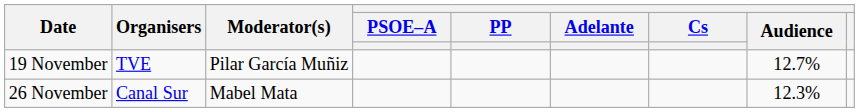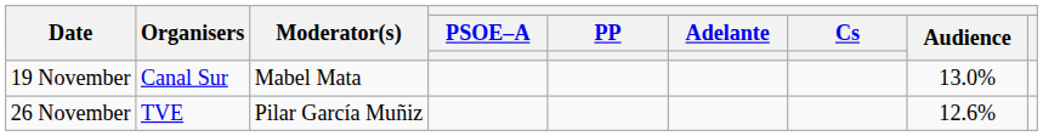 <table class="wikitable" style="text-align:center;">
 <tr>
 <th rowspan="3">Date</th>
 <th rowspan="3">Organisers</th>
 <th rowspan="3">Moderator(s)</th>
 <th colspan="8">  </th>
 </tr>
 <tr>
 <th scope="col" style="width:5em;"><a href='#'>PSOE–A</a></th>
 <th scope="col" style="width:5em;"><a href='#'>PP</a></th>
 <th scope="col" style="width:5em;"><a href='#'>Adelante</a></th>
 <th scope="col" style="width:5em;"><a href='#'>Cs</a></th>
 <th rowspan="2" scope="col" style="width:5em;">Audience</th>
 <th rowspan="2"></th>
 </tr>
 <tr>
 <th style="color:inherit;background:"></th>
 <th style="color:inherit;background:"></th>
 <th style="color:inherit;background:"></th>
 <th style="color:inherit;background:"></th>
 </tr>
 <tr>
 <td style="white-space:nowrap; text-align:left;">19 November</td>
+<td style="white-space:nowrap; text-align:left;"><a href='#'>Canal Sur</a></td>
+<td style="white-space:nowrap; text-align:left;">Mabel Mata</td>
+<td></td>
+<td></td>
+<td></td>
+<td></td>
+<td>13.0%<br></td>
+<td><br></td>
+</tr>
+<tr>
+<td style="white-space:nowrap; text-align:left;">26 November</td>
 <td style="white-space:nowrap; text-align:left;"><a href='#'>TVE</a></td>
 <td style="white-space:nowrap; text-align:left;">Pilar García Muñiz</td>
 <td></td>
 <td></td>
 <td></td>
 <td></td>
-<td>12.7%<br></td>
-<td><br></td>
-</tr>
-<tr>
-<td style="white-space:nowrap; text-align:left;">26 November</td>
-<td style="white-space:nowrap; text-align:left;"><a href='#'>Canal Sur</a></td>
-<td style="white-space:nowrap; text-align:left;">Mabel Mata</td>
-<td></td>
-<td></td>
-<td></td>
-<td></td>
-<td>12.3%<br></td>
+<td>12.6%<br></td>
 <td><br></td>
 </tr>
 </table>
